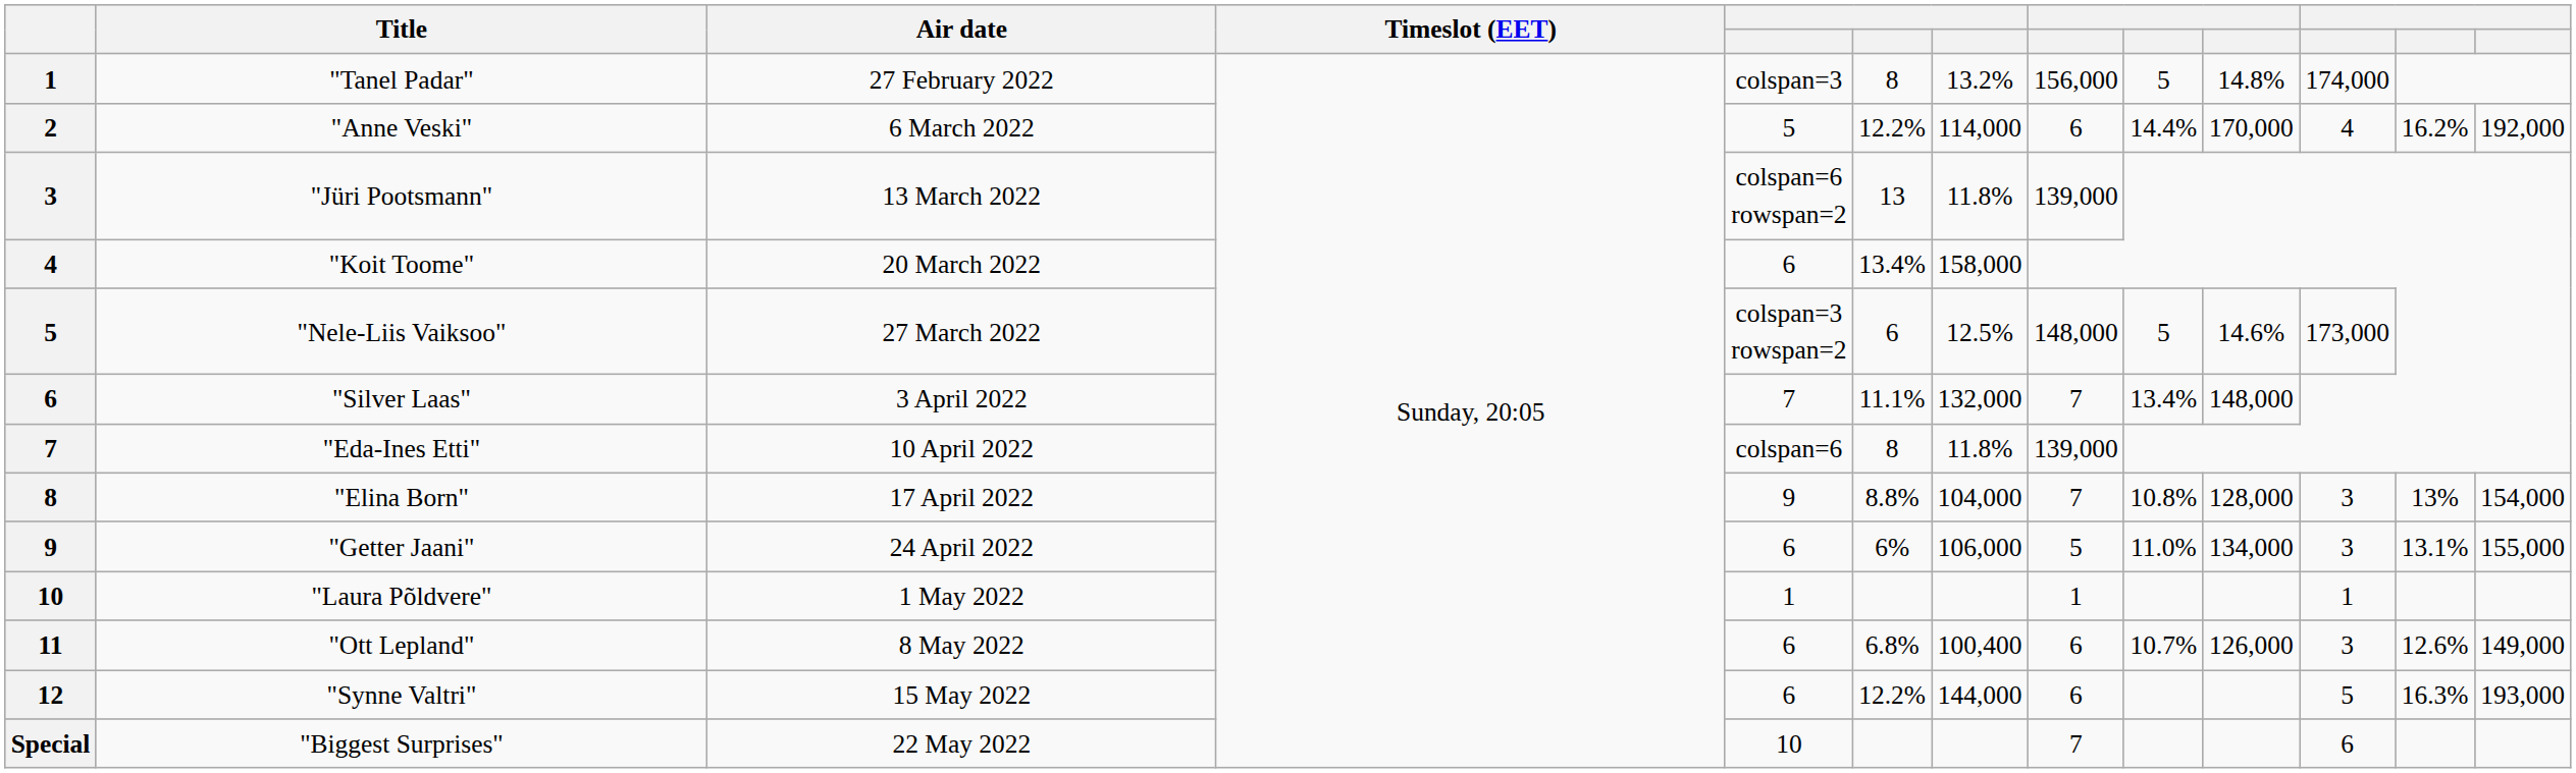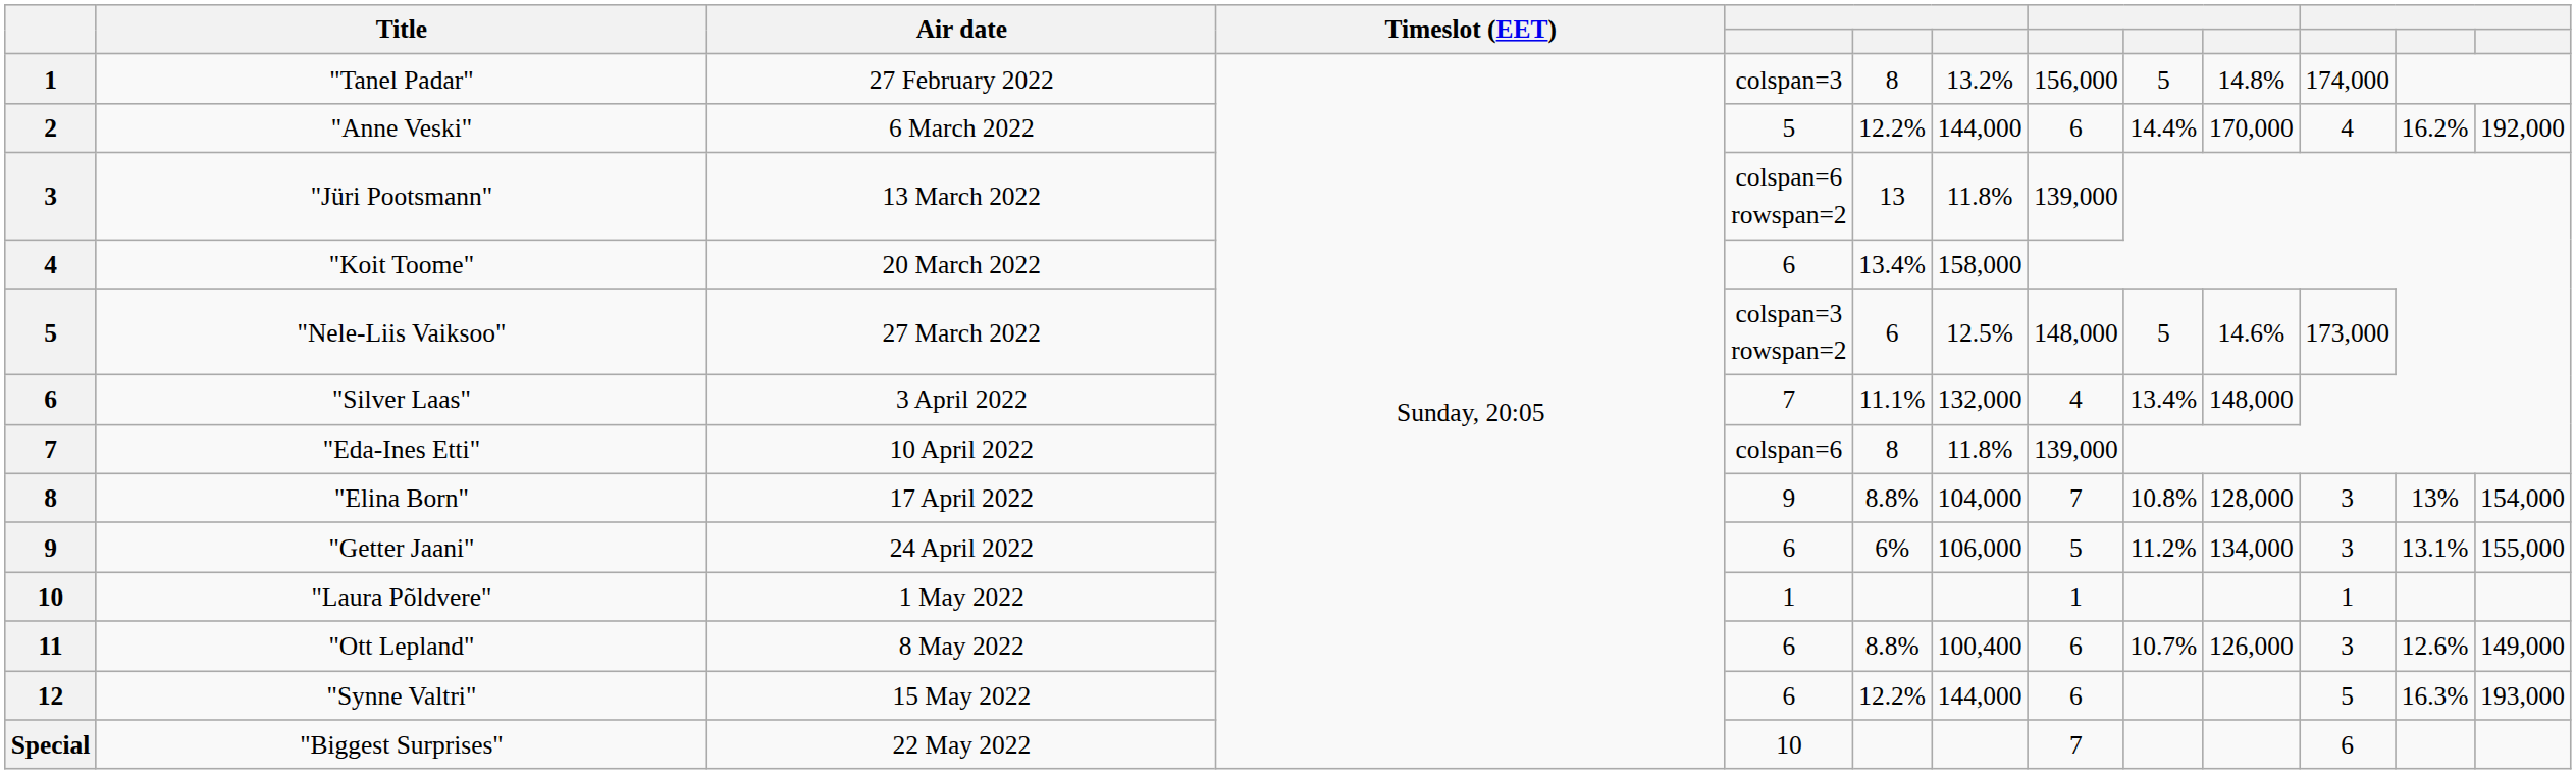 <table class="sortable wikitable plainrowheaders mw-collapsible" style="text-align:center; line-height:23px; width:100%;">
 <tr>
 <th rowspan=2 class="unsortable"></th>
 <th width=24% rowspan=2 class="unsortable">Title</th>
 <th width=20% rowspan=2 class="unsortable">Air date</th>
 <th width=20% rowspan=2 class="unsortable">Timeslot (<a href='#'>EET</a>)</th>
 <th colspan=3></th>
 <th colspan=3></th>
 <th colspan=3></th>
 </tr>
 <tr>
 <th class="unsortable"></th>
 <th></th>
 <th></th>
 <th class="unsortable"></th>
 <th></th>
 <th></th>
 <th class="unsortable"></th>
 <th></th>
 <th></th>
 </tr>
 <tr>
 <th>1</th>
 <td>"Tanel Padar"</td>
 <td>27 February 2022</td>
 <td rowspan="13">Sunday, 20:05</td>
 <td>colspan=3 </td>
 <td>8</td>
 <td>13.2%</td>
 <td>156,000</td>
 <td>5</td>
 <td>14.8%</td>
 <td>174,000</td>
 </tr>
 <tr>
 <th>2</th>
 <td>"Anne Veski"</td>
 <td>6 March 2022</td>
 <td>5</td>
 <td>12.2%</td>
-<td>114,000</td>
+<td>144,000</td>
 <td>6</td>
 <td>14.4%</td>
 <td>170,000</td>
 <td>4</td>
 <td>16.2%</td>
 <td>192,000</td>
 </tr>
 <tr>
 <th>3</th>
 <td>"Jüri Pootsmann"</td>
 <td>13 March 2022</td>
 <td>colspan=6 rowspan=2 </td>
 <td>13</td>
 <td>11.8%</td>
 <td>139,000</td>
 </tr>
 <tr>
 <th>4</th>
 <td>"Koit Toome"</td>
 <td>20 March 2022</td>
 <td>6</td>
 <td>13.4%</td>
 <td>158,000</td>
 </tr>
 <tr>
 <th>5</th>
 <td>"Nele-Liis Vaiksoo"</td>
 <td>27 March 2022</td>
 <td>colspan=3 rowspan=2 </td>
 <td>6</td>
 <td>12.5%</td>
 <td>148,000</td>
 <td>5</td>
 <td>14.6%</td>
 <td>173,000</td>
 </tr>
 <tr>
 <th>6</th>
 <td>"Silver Laas"</td>
 <td>3 April 2022</td>
 <td>7</td>
 <td>11.1%</td>
 <td>132,000</td>
-<td>7</td>
+<td>4</td>
 <td>13.4%</td>
 <td>148,000</td>
 </tr>
 <tr>
 <th>7</th>
 <td>"Eda-Ines Etti"</td>
 <td>10 April 2022</td>
 <td>colspan=6 </td>
 <td>8</td>
 <td>11.8%</td>
 <td>139,000</td>
 </tr>
 <tr>
 <th>8</th>
 <td>"Elina Born"</td>
 <td>17 April 2022</td>
 <td>9</td>
 <td>8.8%</td>
 <td>104,000</td>
 <td>7</td>
 <td>10.8%</td>
 <td>128,000</td>
 <td>3</td>
 <td>13%</td>
 <td>154,000</td>
 </tr>
 <tr>
 <th>9</th>
 <td>"Getter Jaani"</td>
 <td>24 April 2022</td>
 <td>6</td>
 <td>6%</td>
 <td>106,000</td>
 <td>5</td>
-<td>11.0%</td>
+<td>11.2%</td>
 <td>134,000</td>
 <td>3</td>
 <td>13.1%</td>
 <td>155,000</td>
 </tr>
 <tr>
 <th>10</th>
 <td>"Laura Põldvere"</td>
 <td>1 May 2022</td>
 <td>1</td>
 <td></td>
 <td></td>
 <td>1</td>
 <td></td>
 <td></td>
 <td>1</td>
 <td></td>
 <td></td>
 </tr>
 <tr>
 <th>11</th>
 <td>"Ott Lepland"</td>
 <td>8 May 2022</td>
 <td>6</td>
-<td>6.8%</td>
+<td>8.8%</td>
 <td>100,400</td>
 <td>6</td>
 <td>10.7%</td>
 <td>126,000</td>
 <td>3</td>
 <td>12.6%</td>
 <td>149,000</td>
 </tr>
 <tr>
 <th>12</th>
 <td>"Synne Valtri"</td>
 <td>15 May 2022</td>
 <td>6</td>
 <td>12.2%</td>
 <td>144,000</td>
 <td>6</td>
 <td></td>
 <td></td>
 <td>5</td>
 <td>16.3%</td>
 <td>193,000</td>
 </tr>
 <tr>
 <th>Special</th>
 <td>"Biggest Surprises"</td>
 <td>22 May 2022</td>
 <td>10</td>
 <td></td>
 <td></td>
 <td>7</td>
 <td></td>
 <td></td>
 <td>6</td>
 <td></td>
 <td></td>
 </tr>
 </table>
